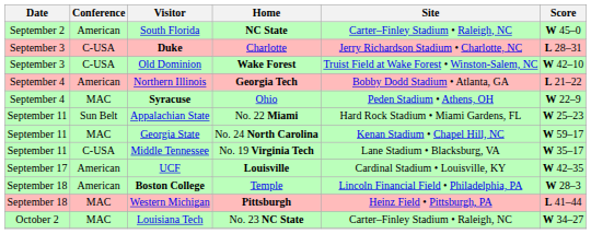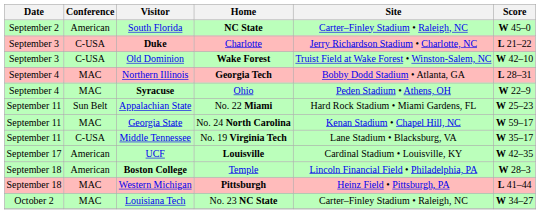 <table class="wikitable" style="text-align:center">
 <tr>
 <th>Date</th>
 <th>Conference</th>
 <th>Visitor</th>
 <th>Home</th>
 <th>Site</th>
 <th>Score</th>
 </tr>
 <tr style="background:#bfb">
 <td>September 2</td>
 <td>American</td>
 <td><a href='#'>South Florida</a></td>
 <td><strong>NC State</strong></td>
 <td><a href='#'>Carter–Finley Stadium</a> • <a href='#'>Raleigh, NC</a></td>
 <td><strong>W</strong> 45–0</td>
 </tr>
 <tr style="background:#fbb;">
 <td>September 3</td>
 <td>C-USA</td>
 <td><strong>Duke</strong></td>
 <td><a href='#'>Charlotte</a></td>
 <td><a href='#'>Jerry Richardson Stadium</a> • <a href='#'>Charlotte, NC</a></td>
-<td><strong>L</strong> 28–31</td>
+<td><strong>L</strong> 21–22</td>
 </tr>
 <tr style="background:#bfb">
 <td>September 3</td>
 <td>C-USA</td>
 <td><a href='#'>Old Dominion</a></td>
 <td><strong>Wake Forest</strong></td>
 <td><a href='#'>Truist Field at Wake Forest</a> •  <a href='#'>Winston-Salem, NC</a></td>
 <td><strong>W</strong> 42–10</td>
 </tr>
 <tr style="background:#fbb;">
 <td>September 4</td>
-<td>American</td>
+<td>MAC</td>
 <td><a href='#'>Northern Illinois</a></td>
 <td><strong>Georgia Tech</strong></td>
 <td><a href='#'>Bobby Dodd Stadium</a> • Atlanta, GA</td>
-<td><strong>L</strong> 21–22</td>
+<td><strong>L</strong> 28–31</td>
 </tr>
 <tr style="background:#bfb">
 <td>September 4</td>
 <td>MAC</td>
 <td><strong>Syracuse</strong></td>
 <td><a href='#'>Ohio</a></td>
 <td><a href='#'>Peden Stadium</a> • <a href='#'>Athens, OH</a></td>
 <td><strong>W</strong> 22–9</td>
 </tr>
 <tr style="background:#bfb">
 <td>September 11</td>
 <td>Sun Belt</td>
 <td><a href='#'>Appalachian State</a></td>
 <td>No. 22 <strong>Miami</strong></td>
 <td>Hard Rock Stadium • Miami Gardens, FL</td>
 <td><strong>W</strong> 25–23</td>
 </tr>
 <tr style="background:#bfb">
 <td>September 11</td>
 <td>MAC</td>
 <td><a href='#'>Georgia State</a></td>
 <td>No. 24 <strong>North Carolina</strong></td>
 <td><a href='#'>Kenan Stadium</a> • <a href='#'>Chapel Hill, NC</a></td>
 <td><strong>W</strong> 59–17</td>
 </tr>
 <tr style="background:#bfb">
 <td>September 11</td>
 <td>C-USA</td>
 <td><a href='#'>Middle Tennessee</a></td>
 <td>No. 19 <strong>Virginia Tech</strong></td>
 <td>Lane Stadium • Blacksburg, VA</td>
 <td><strong>W</strong> 35–17</td>
 </tr>
 <tr style="background:#bfb">
 <td>September 17</td>
 <td>American</td>
 <td><a href='#'>UCF</a></td>
 <td><strong>Louisville</strong></td>
 <td>Cardinal Stadium • Louisville, KY</td>
 <td><strong>W</strong> 42–35</td>
 </tr>
 <tr style="background:#bfb">
 <td>September 18</td>
 <td>American</td>
 <td><strong>Boston College</strong></td>
 <td><a href='#'>Temple</a></td>
 <td><a href='#'>Lincoln Financial Field</a> •  <a href='#'>Philadelphia, PA</a></td>
 <td><strong>W</strong> 28–3</td>
 </tr>
 <tr style="background:#fbb;">
 <td>September 18</td>
 <td>MAC</td>
 <td><a href='#'>Western Michigan</a></td>
 <td><strong>Pittsburgh</strong></td>
 <td><a href='#'>Heinz Field</a> • <a href='#'>Pittsburgh, PA</a></td>
 <td><strong>L</strong> 41–44</td>
 </tr>
 <tr style="background:#bfb">
 <td>October 2</td>
 <td>MAC</td>
 <td><a href='#'>Louisiana Tech</a></td>
 <td>No. 23 <strong>NC State</strong></td>
 <td>Carter–Finley Stadium • Raleigh, NC</td>
 <td><strong>W</strong> 34–27</td>
 </tr>
 <tr>
 </tr>
 </table>
